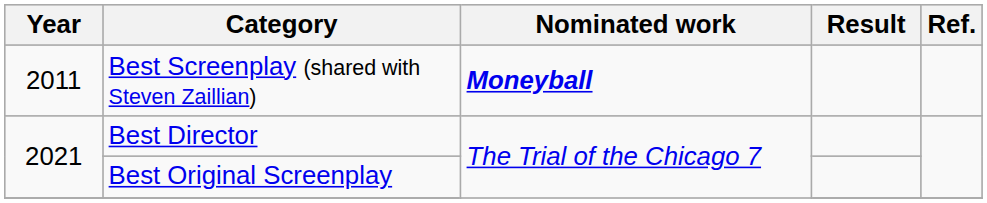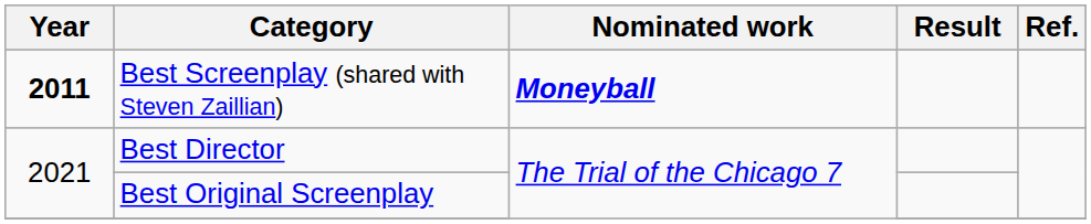 <table class=wikitable>
 <tr>
 <th scope="col" style="width:5em;">Year</th>
 <th scope="col" style="width:26em;">Category</th>
 <th scope="col" style="width:25em;">Nominated work</th>
 <th scope="col" style="width:5em;">Result</th>
 <th>Ref.</th>
 </tr>
 <tr>
-<td style="text-align:center;">2011</td>
+<td style="text-align:center;"><strong>2011</strong></td>
 <td><a href='#'>Best Screenplay</a> <small>(shared with <a href='#'>Steven Zaillian</a>)</small></td>
 <td><strong><em><a href='#'>Moneyball</a></em></strong></td>
 <td></td>
 <td></td>
 </tr>
 <tr>
 <td style="text-align:center;", rowspan="2">2021</td>
 <td><a href='#'>Best Director</a></td>
 <td rowspan="3"><em><a href='#'>The Trial of the Chicago 7</a></em></td>
 <td></td>
 <td rowspan="2"></td>
 </tr>
 <tr>
 <td><a href='#'>Best Original Screenplay</a></td>
 <td></td>
 </tr>
 <tr>
 </tr>
 </table>
